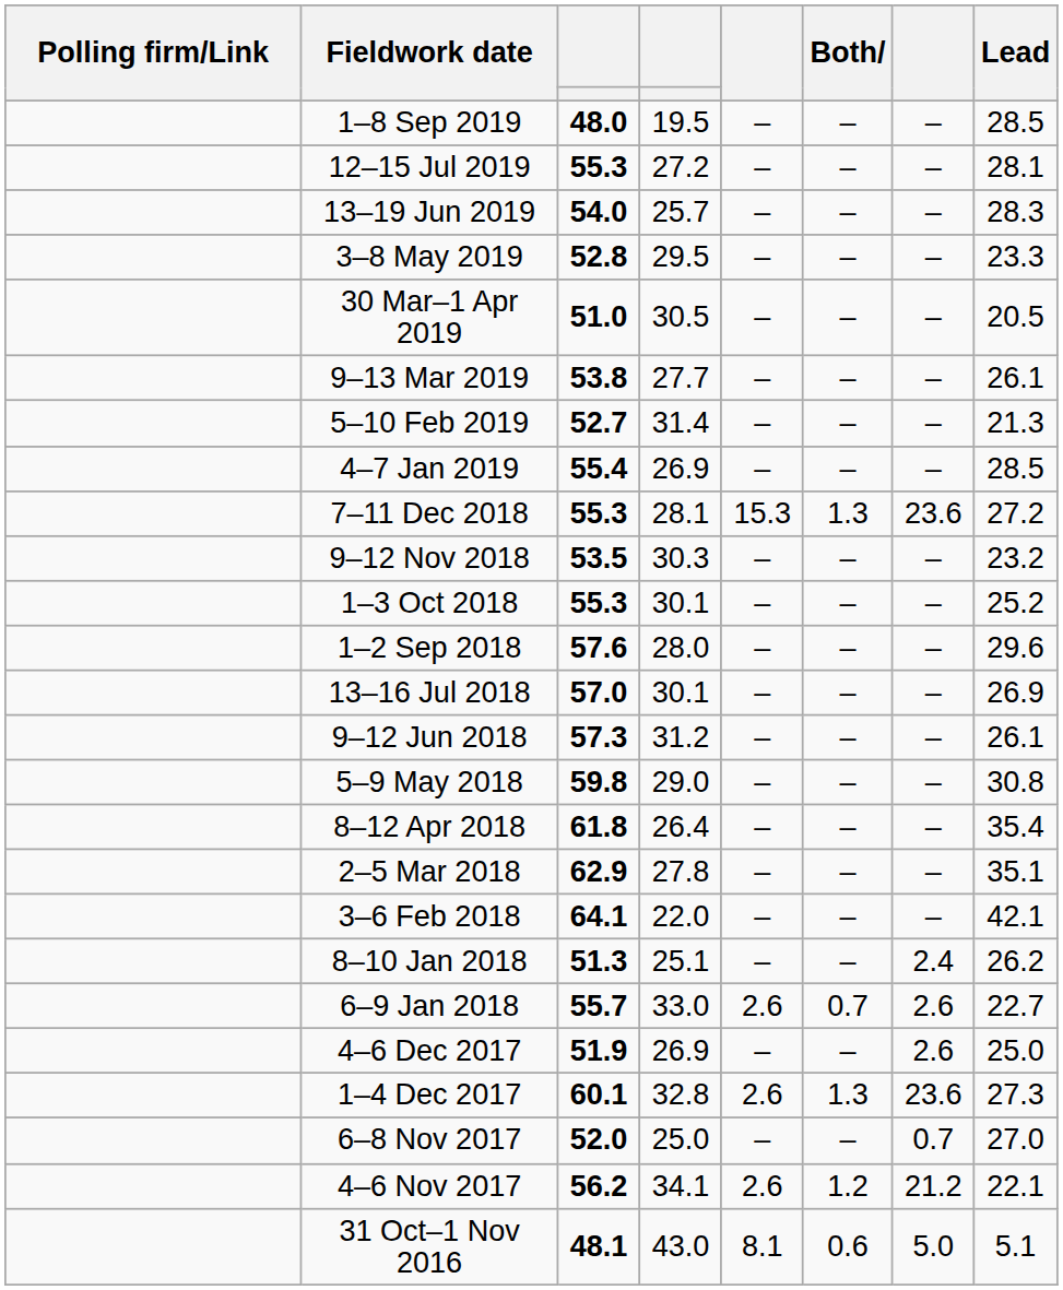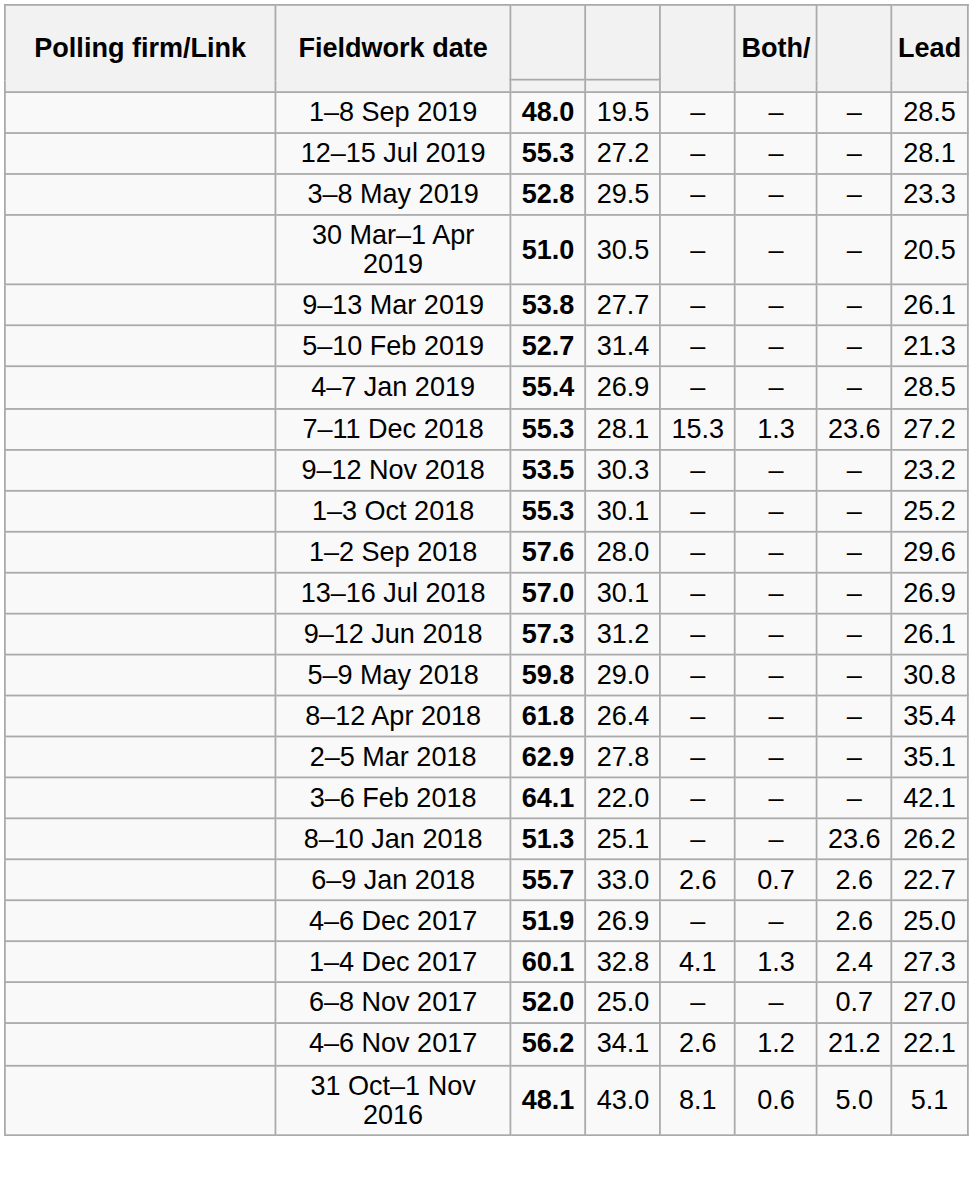 <table class="wikitable collapsible" style="text-align:center; font-size:95%; line-height:16px;">
 <tr style="height:42px;">
 <th style="width:145px;" rowspan="2">Polling firm/Link</th>
 <th style="width:125px;" rowspan="2">Fieldwork date</th>
 <th style="width:35px;"></th>
 <th style="width:35px;"></th>
 <th style="width:35px;" rowspan="2"></th>
 <th style="width:35px;" rowspan="2">Both/<br></th>
 <th style="width:35px;" rowspan="2"></th>
 <th style="width:30px;" rowspan="2">Lead</th>
 </tr>
 <tr>
 <th style="color:inherit;background:"></th>
 <th style="color:inherit;background:"></th>
 </tr>
 <tr>
 <td></td>
 <td>1–8 Sep 2019</td>
 <td><strong>48.0</strong></td>
 <td>19.5</td>
 <td>–</td>
 <td>–</td>
 <td>–</td>
 <td style="background:">28.5</td>
 </tr>
 <tr>
 <td></td>
 <td>12–15 Jul 2019</td>
 <td><strong>55.3</strong></td>
 <td>27.2</td>
 <td>–</td>
 <td>–</td>
 <td>–</td>
 <td style="background:">28.1</td>
-</tr>
-<tr>
-<td></td>
-<td>13–19 Jun 2019</td>
-<td><strong>54.0</strong></td>
-<td>25.7</td>
-<td>–</td>
-<td>–</td>
-<td>–</td>
-<td style="background:">28.3</td>
 </tr>
 <tr>
 <td></td>
 <td>3–8 May 2019</td>
 <td><strong>52.8</strong></td>
 <td>29.5</td>
 <td>–</td>
 <td>–</td>
 <td>–</td>
 <td style="background:">23.3</td>
 </tr>
 <tr>
 <td></td>
 <td>30 Mar–1 Apr 2019</td>
 <td><strong>51.0</strong></td>
 <td>30.5</td>
 <td>–</td>
 <td>–</td>
 <td>–</td>
 <td style="background:">20.5</td>
 </tr>
 <tr>
 <td></td>
 <td>9–13 Mar 2019</td>
 <td><strong>53.8</strong></td>
 <td>27.7</td>
 <td>–</td>
 <td>–</td>
 <td>–</td>
 <td style="background:">26.1</td>
 </tr>
 <tr>
 <td></td>
 <td>5–10 Feb 2019</td>
 <td><strong>52.7</strong></td>
 <td>31.4</td>
 <td>–</td>
 <td>–</td>
 <td>–</td>
 <td style="background:">21.3</td>
 </tr>
 <tr>
 <td></td>
 <td>4–7 Jan 2019</td>
 <td><strong>55.4</strong></td>
 <td>26.9</td>
 <td>–</td>
 <td>–</td>
 <td>–</td>
 <td style="background:">28.5</td>
 </tr>
 <tr>
 <td></td>
 <td>7–11 Dec 2018</td>
 <td><strong>55.3</strong></td>
 <td>28.1</td>
 <td>15.3</td>
 <td>1.3</td>
 <td>23.6</td>
 <td style="background:">27.2</td>
 </tr>
 <tr>
 <td></td>
 <td>9–12 Nov 2018</td>
 <td><strong>53.5</strong></td>
 <td>30.3</td>
 <td>–</td>
 <td>–</td>
 <td>–</td>
 <td style="background:">23.2</td>
 </tr>
 <tr>
 <td></td>
 <td>1–3 Oct 2018</td>
 <td><strong>55.3</strong></td>
 <td>30.1</td>
 <td>–</td>
 <td>–</td>
 <td>–</td>
 <td style="background:">25.2</td>
 </tr>
 <tr>
 <td></td>
 <td>1–2 Sep 2018</td>
 <td><strong>57.6</strong></td>
 <td>28.0</td>
 <td>–</td>
 <td>–</td>
 <td>–</td>
 <td style="background:">29.6</td>
 </tr>
 <tr>
 <td></td>
 <td>13–16 Jul 2018</td>
 <td><strong>57.0</strong></td>
 <td>30.1</td>
 <td>–</td>
 <td>–</td>
 <td>–</td>
 <td style="background:">26.9</td>
 </tr>
 <tr>
 <td></td>
 <td>9–12 Jun 2018</td>
 <td><strong>57.3</strong></td>
 <td>31.2</td>
 <td>–</td>
 <td>–</td>
 <td>–</td>
 <td style="background:">26.1</td>
 </tr>
 <tr>
 <td></td>
 <td>5–9 May 2018</td>
 <td><strong>59.8</strong></td>
 <td>29.0</td>
 <td>–</td>
 <td>–</td>
 <td>–</td>
 <td style="background:">30.8</td>
 </tr>
 <tr>
 <td></td>
 <td>8–12 Apr 2018</td>
 <td><strong>61.8</strong></td>
 <td>26.4</td>
 <td>–</td>
 <td>–</td>
 <td>–</td>
 <td style="background:">35.4</td>
 </tr>
 <tr>
 <td></td>
 <td>2–5 Mar 2018</td>
 <td><strong>62.9</strong></td>
 <td>27.8</td>
 <td>–</td>
 <td>–</td>
 <td>–</td>
 <td style="background:">35.1</td>
 </tr>
 <tr>
 <td></td>
 <td>3–6 Feb 2018</td>
 <td><strong>64.1</strong></td>
 <td>22.0</td>
 <td>–</td>
 <td>–</td>
 <td>–</td>
 <td style="background:">42.1</td>
 </tr>
 <tr>
 <td></td>
 <td>8–10 Jan 2018</td>
 <td><strong>51.3</strong></td>
 <td>25.1</td>
 <td>–</td>
 <td>–</td>
-<td>2.4</td>
+<td>23.6</td>
 <td style="background:">26.2</td>
 </tr>
 <tr>
 <td></td>
 <td>6–9 Jan 2018</td>
 <td><strong>55.7</strong></td>
 <td>33.0</td>
 <td>2.6</td>
 <td>0.7</td>
 <td>2.6</td>
 <td style="background:">22.7</td>
 </tr>
 <tr>
 <td></td>
 <td>4–6 Dec 2017</td>
 <td><strong>51.9</strong></td>
 <td>26.9</td>
 <td>–</td>
 <td>–</td>
 <td>2.6</td>
 <td style="background:">25.0</td>
 </tr>
 <tr>
 <td></td>
 <td>1–4 Dec 2017</td>
 <td><strong>60.1</strong></td>
 <td>32.8</td>
-<td>2.6</td>
+<td>4.1</td>
 <td>1.3</td>
-<td>23.6</td>
+<td>2.4</td>
 <td style="background:">27.3</td>
 </tr>
 <tr>
 <td></td>
 <td>6–8 Nov 2017</td>
 <td><strong>52.0</strong></td>
 <td>25.0</td>
 <td>–</td>
 <td>–</td>
 <td>0.7</td>
 <td style="background:">27.0</td>
 </tr>
 <tr>
 <td></td>
 <td>4–6 Nov 2017</td>
 <td><strong>56.2</strong></td>
 <td>34.1</td>
 <td>2.6</td>
 <td>1.2</td>
 <td>21.2</td>
 <td style="background:">22.1</td>
 </tr>
 <tr>
 <td></td>
 <td>31 Oct–1 Nov 2016</td>
 <td><strong>48.1</strong></td>
 <td>43.0</td>
 <td>8.1</td>
 <td>0.6</td>
 <td>5.0</td>
 <td style="background:">5.1</td>
 </tr>
 </table>
